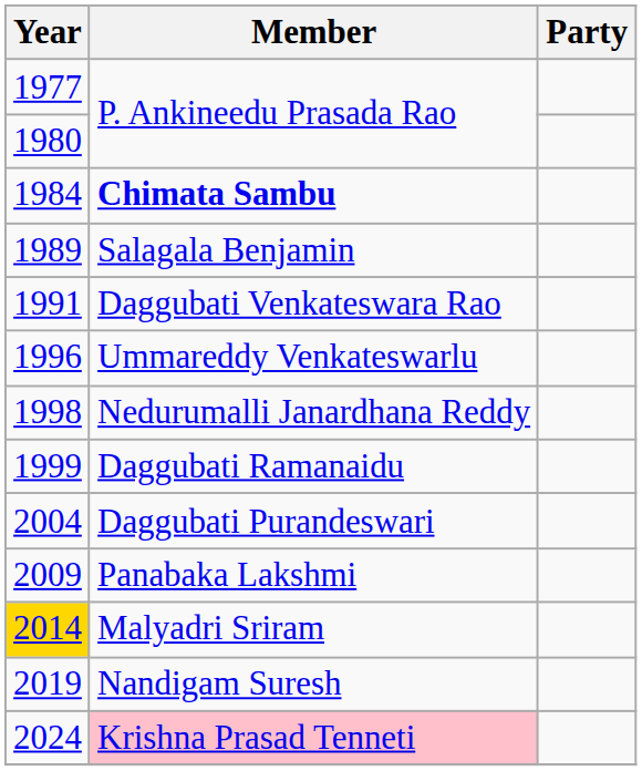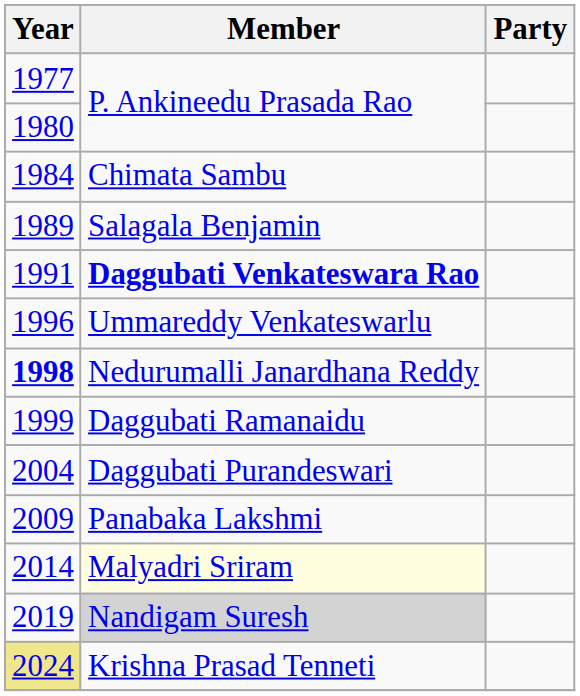 <table class="wikitable sortable">
 <tr>
 <th>Year</th>
 <th>Member</th>
 <th colspan="2">Party</th>
 </tr>
 <tr>
 <td><a href='#'>1977</a></td>
 <td rowspan= 2><a href='#'>P. Ankineedu Prasada Rao</a></td>
 <td></td>
 </tr>
 <tr>
 <td><a href='#'>1980</a></td>
 </tr>
 <tr>
 <td><a href='#'>1984</a></td>
-<td><strong><a href='#'>Chimata Sambu</a></strong></td>
+<td><a href='#'>Chimata Sambu</a></td>
 <td></td>
 </tr>
 <tr>
 <td><a href='#'>1989</a></td>
 <td><a href='#'>Salagala Benjamin</a></td>
 <td></td>
 </tr>
 <tr>
 <td><a href='#'>1991</a></td>
-<td><a href='#'>Daggubati Venkateswara Rao</a></td>
+<td><strong><a href='#'>Daggubati Venkateswara Rao</a></strong></td>
 <td></td>
 </tr>
 <tr>
 <td><a href='#'>1996</a></td>
 <td><a href='#'>Ummareddy Venkateswarlu</a></td>
 </tr>
 <tr>
-<td><a href='#'>1998</a></td>
+<td><strong><a href='#'>1998</a></strong></td>
 <td><a href='#'>Nedurumalli Janardhana Reddy</a></td>
 <td></td>
 </tr>
 <tr>
 <td><a href='#'>1999</a></td>
 <td><a href='#'>Daggubati Ramanaidu</a></td>
 <td></td>
 </tr>
 <tr>
 <td><a href='#'>2004</a></td>
 <td><a href='#'>Daggubati Purandeswari</a></td>
 <td></td>
 </tr>
 <tr>
 <td><a href='#'>2009</a></td>
 <td><a href='#'>Panabaka Lakshmi</a></td>
 </tr>
 <tr>
-<td style="background: gold;"><a href='#'>2014</a></td>
-<td><a href='#'>Malyadri Sriram</a></td>
+<td><a href='#'>2014</a></td>
+<td style="background: lightyellow;"><a href='#'>Malyadri Sriram</a></td>
 <td></td>
 </tr>
 <tr>
 <td><a href='#'>2019</a></td>
-<td><a href='#'>Nandigam Suresh</a></td>
+<td style="background: lightgrey;"><a href='#'>Nandigam Suresh</a></td>
 <td></td>
 </tr>
 <tr>
-<td><a href='#'>2024</a></td>
-<td style="background: pink;"><a href='#'>Krishna Prasad Tenneti</a></td>
+<td style="background: khaki;"><a href='#'>2024</a></td>
+<td><a href='#'>Krishna Prasad Tenneti</a></td>
 <td></td>
 </tr>
 <tr>
 </tr>
 </table>
